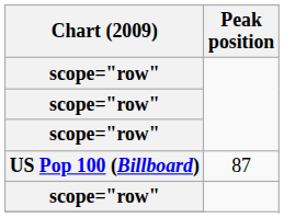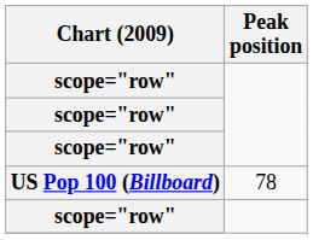 <table class="wikitable sortable plainrowheaders" style="text-align:center;">
 <tr>
 <th scope="col">Chart (2009)</th>
 <th scope="col">Peak<br>position</th>
 </tr>
 <tr>
 <th>scope="row"</th>
 </tr>
 <tr>
 <th>scope="row"</th>
 </tr>
 <tr>
 <th>scope="row"</th>
 </tr>
 <tr>
 <th scope="row">US <a href='#'>Pop 100</a> (<a href='#'><em>Billboard</em></a>)</th>
-<td>87</td>
+<td>78</td>
 </tr>
 <tr>
 <th>scope="row"</th>
 </tr>
 <tr>
 </tr>
 </table>
